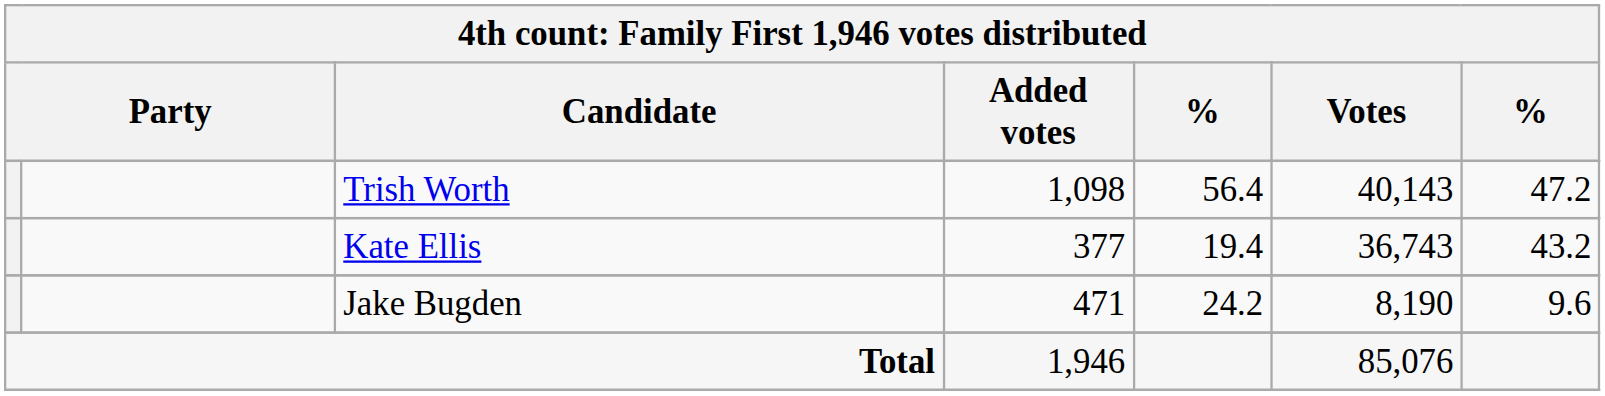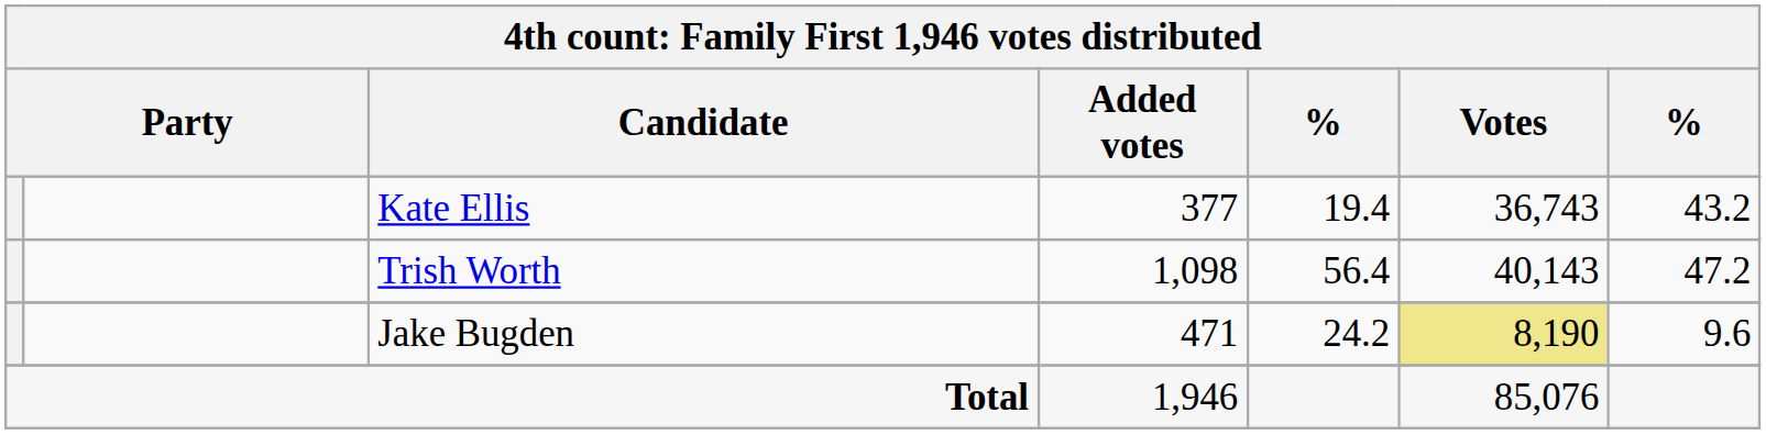 <table class="wikitable" style="font-size: 95%;">
 <tr style="background-color:#E9E9E9">
 <th colspan=7>4th count: Family First 1,946 votes distributed</th>
 </tr>
 <tr style="background-color:#E9E9E9">
 <th colspan=2 style="width: 130px">Party</th>
 <th style="width: 17em">Candidate</th>
 <th style="width: 5em">Added votes</th>
 <th style="width: 3.5em">%</th>
 <th style="width: 5em">Votes</th>
 <th style="width: 3.5em">%</th>
 </tr>
 <tr>
 </tr>
 <tr class="vcard">
 <th></th>
 <td class="org" style="width: 130px"></td>
+<td class="fn"><a href='#'>Kate Ellis</a></td>
+<td style="text-align: right; margin-right: 0.5em">377</td>
+<td style="text-align: right; margin-right: 0.5em">19.4</td>
+<td style="text-align: right; margin-right: 0.5em">36,743</td>
+<td style="text-align: right; margin-right: 0.5em">43.2</td>
+</tr>
+<tr>
+</tr>
+<tr class="vcard">
+<th></th>
+<td class="org" style="width: 130px"></td>
 <td class="fn"><a href='#'>Trish Worth</a></td>
 <td style="text-align: right; margin-right: 0.5em">1,098</td>
 <td style="text-align: right; margin-right: 0.5em">56.4</td>
 <td style="text-align: right; margin-right: 0.5em">40,143</td>
 <td style="text-align: right; margin-right: 0.5em">47.2</td>
 </tr>
 <tr>
 </tr>
 <tr class="vcard">
 <th></th>
 <td class="org" style="width: 130px"></td>
-<td class="fn"><a href='#'>Kate Ellis</a></td>
-<td style="text-align: right; margin-right: 0.5em">377</td>
-<td style="text-align: right; margin-right: 0.5em">19.4</td>
-<td style="text-align: right; margin-right: 0.5em">36,743</td>
-<td style="text-align: right; margin-right: 0.5em">43.2</td>
-</tr>
-<tr>
-</tr>
-<tr class="vcard">
-<th></th>
-<td class="org" style="width: 130px"></td>
 <td class="fn">Jake Bugden</td>
 <td style="text-align: right; margin-right: 0.5em">471</td>
 <td style="text-align: right; margin-right: 0.5em">24.2</td>
-<td style="text-align: right; margin-right: 0.5em">8,190</td>
+<td style="background: khaki; text-align: right; margin-right: 0.5em">8,190</td>
 <td style="text-align: right; margin-right: 0.5em">9.6</td>
 </tr>
 <tr>
 </tr>
 <tr style="background-color:#F6F6F6">
 <td colspan="3" style="text-align: right; margin-right: 0.5em"><strong>Total</strong></td>
 <td style="text-align: right; margin-right: 0.5em">1,946</td>
 <td style="text-align: right; margin-right: 0.5em"></td>
 <td style="text-align: right; margin-right: 0.5em">85,076</td>
 <td style="text-align: right; margin-right: 0.5em"></td>
 </tr>
 <tr>
 </tr>
 </table>
